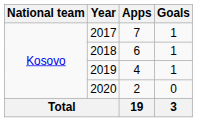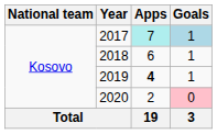 <table class="wikitable" style="text-align:center">
 <tr>
 <th>National team</th>
 <th>Year</th>
 <th>Apps</th>
 <th>Goals</th>
 </tr>
 <tr>
 <td rowspan="4"><a href='#'>Kosovo</a></td>
 <td>2017</td>
-<td>7</td>
-<td>1</td>
+<td style="background: paleturquoise;">7</td>
+<td style="background: lightblue;">1</td>
 </tr>
 <tr>
 <td>2018</td>
 <td>6</td>
 <td>1</td>
 </tr>
 <tr>
 <td>2019</td>
-<td>4</td>
+<td><strong>4</strong></td>
 <td>1</td>
 </tr>
 <tr>
 <td>2020</td>
 <td>2</td>
-<td>0</td>
+<td style="background: pink;">0</td>
 </tr>
 <tr>
 <th colspan="2">Total</th>
 <th>19</th>
 <th>3</th>
 </tr>
 </table>
